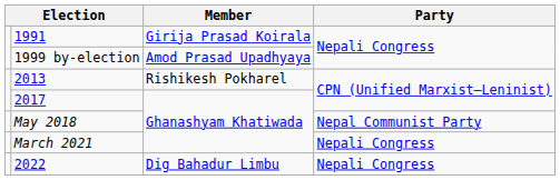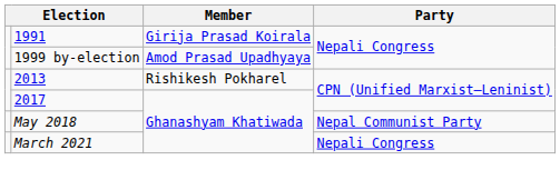 <table class="wikitable">
 <tr>
 <th colspan="2">Election</th>
 <th>Member</th>
 <th>Party</th>
 </tr>
 <tr>
 <td rowspan="2" style="background-color:"></td>
 <td><a href='#'>1991</a></td>
 <td><a href='#'>Girija Prasad Koirala</a></td>
 <td rowspan="2"><a href='#'>Nepali Congress</a></td>
 </tr>
 <tr>
 <td>1999 by-election</td>
 <td><a href='#'>Amod Prasad Upadhyaya</a></td>
 </tr>
 <tr>
 <td rowspan="2" style="background-color:"></td>
 <td><a href='#'>2013</a></td>
 <td>Rishikesh Pokharel</td>
 <td rowspan="2"><a href='#'>CPN (Unified Marxist–Leninist)</a></td>
 </tr>
 <tr>
 <td><a href='#'>2017</a></td>
 <td rowspan="3"><a href='#'>Ghanashyam Khatiwada</a></td>
 </tr>
 <tr>
 <td style="background-color:"></td>
 <td><em>May 2018</em></td>
 <td><a href='#'>Nepal Communist Party</a></td>
 </tr>
 <tr>
 <td style="background-color:"></td>
 <td><em>March 2021</em></td>
 <td><a href='#'>Nepali Congress</a></td>
 </tr>
-<tr>
-<td style="background-color:"><br></td>
-<td><a href='#'>2022</a></td>
-<td><a href='#'>Dig Bahadur Limbu</a></td>
-<td><a href='#'>Nepali Congress</a></td>
-</tr>
 </table>
